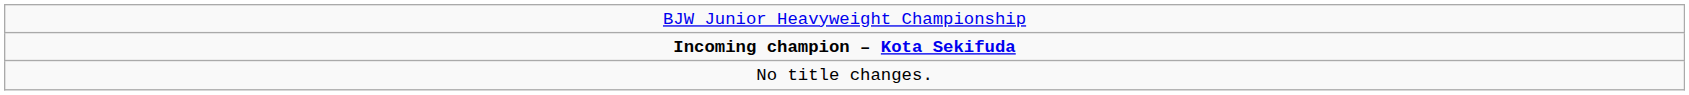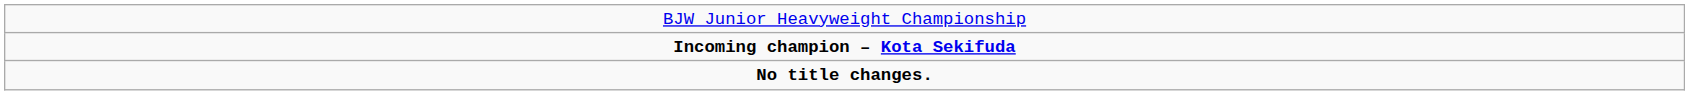 <table class="wikitable" style="text-align:center; width:100%;">
 <tr>
 <td style="text-align: center;"><a href='#'>BJW Junior Heavyweight Championship</a></td>
 </tr>
 <tr>
 <td style="text-align: center;"><strong>Incoming champion – <a href='#'>Kota Sekifuda</a></strong></td>
 </tr>
 <tr>
-<td>No title changes.</td>
+<td><strong>No title changes.</strong></td>
 </tr>
 </table>
